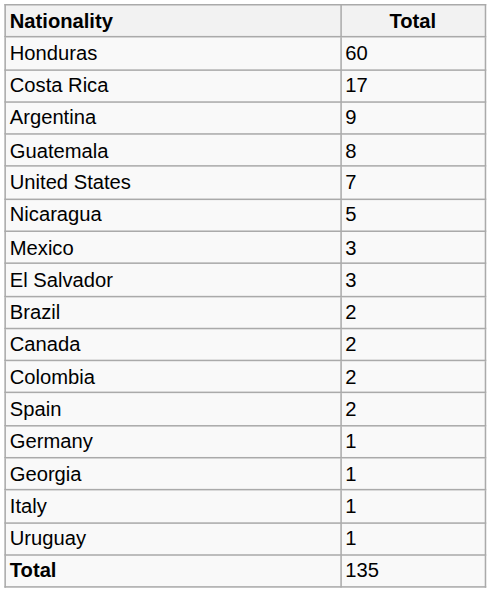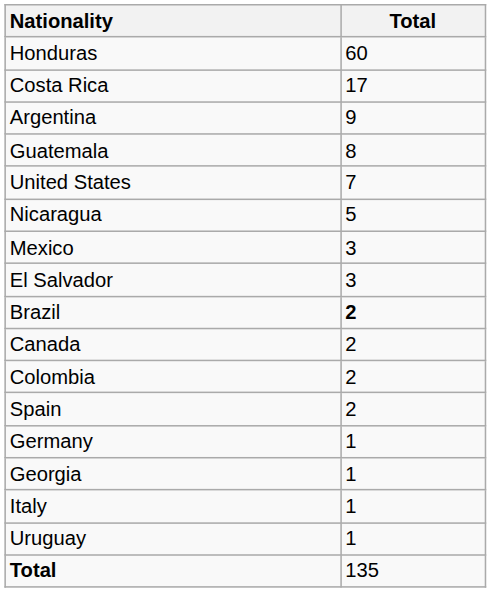 <table class="wikitable sortable floatright" style="font-size:83%; margin:0 0 1.5em 1.5em; width:20%">
 <tr>
 <th style="text-align:left;">Nationality</th>
 <th>Total</th>
 </tr>
 <tr>
 <td>Honduras</td>
 <td>60</td>
 </tr>
 <tr>
 <td>Costa Rica</td>
 <td>17</td>
 </tr>
 <tr>
 <td>Argentina</td>
 <td>9</td>
 </tr>
 <tr>
 <td>Guatemala</td>
 <td>8</td>
 </tr>
 <tr>
 <td>United States</td>
 <td>7</td>
 </tr>
 <tr>
 <td>Nicaragua</td>
 <td>5</td>
 </tr>
 <tr>
 <td>Mexico</td>
 <td>3</td>
 </tr>
 <tr>
 <td>El Salvador</td>
 <td>3</td>
 </tr>
 <tr>
 <td>Brazil</td>
-<td>2</td>
+<td><strong>2</strong></td>
 </tr>
 <tr>
 <td>Canada</td>
 <td>2</td>
 </tr>
 <tr>
 <td>Colombia</td>
 <td>2</td>
 </tr>
 <tr>
 <td>Spain</td>
 <td>2</td>
 </tr>
 <tr>
 <td>Germany</td>
 <td>1</td>
 </tr>
 <tr>
 <td>Georgia</td>
 <td>1</td>
 </tr>
 <tr>
 <td>Italy</td>
 <td>1</td>
 </tr>
 <tr>
 <td>Uruguay</td>
 <td>1</td>
 </tr>
 <tr>
 <td><strong>Total</strong></td>
 <td>135</td>
 </tr>
 </table>
